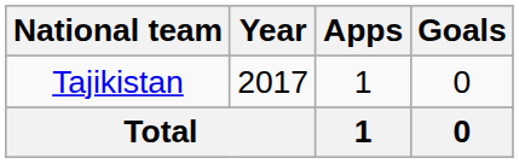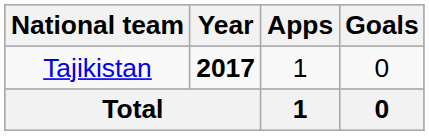 <table class="wikitable" style="text-align:center">
 <tr>
 <th>National team</th>
 <th>Year</th>
 <th>Apps</th>
 <th>Goals</th>
 </tr>
 <tr>
 <td><a href='#'>Tajikistan</a></td>
-<td>2017</td>
+<td><strong>2017</strong></td>
 <td>1</td>
 <td>0</td>
 </tr>
 <tr>
 <th colspan="2">Total</th>
 <th>1</th>
 <th>0</th>
 </tr>
 </table>
